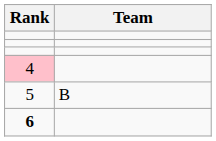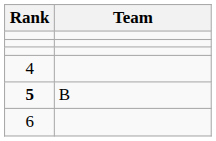 <table class="wikitable" style="text-align: center;">
 <tr>
 <th width=40>Rank</th>
 <th width=140>Team</th>
 </tr>
 <tr align=center>
 <td></td>
 <td style="text-align:left;"></td>
 </tr>
 <tr align=center>
 <td></td>
 <td style="text-align:left;"></td>
 </tr>
 <tr align=center>
 <td></td>
 <td style="text-align:left;"></td>
 </tr>
 <tr align=center>
-<td style="background: pink;">4</td>
+<td>4</td>
 <td style="text-align:left;"></td>
 </tr>
 <tr align=center>
-<td>5</td>
+<td><strong>5</strong></td>
 <td style="text-align:left;"> B</td>
 </tr>
 <tr align=center>
-<td><strong>6</strong></td>
+<td>6</td>
 <td style="text-align:left;"></td>
 </tr>
 </table>
